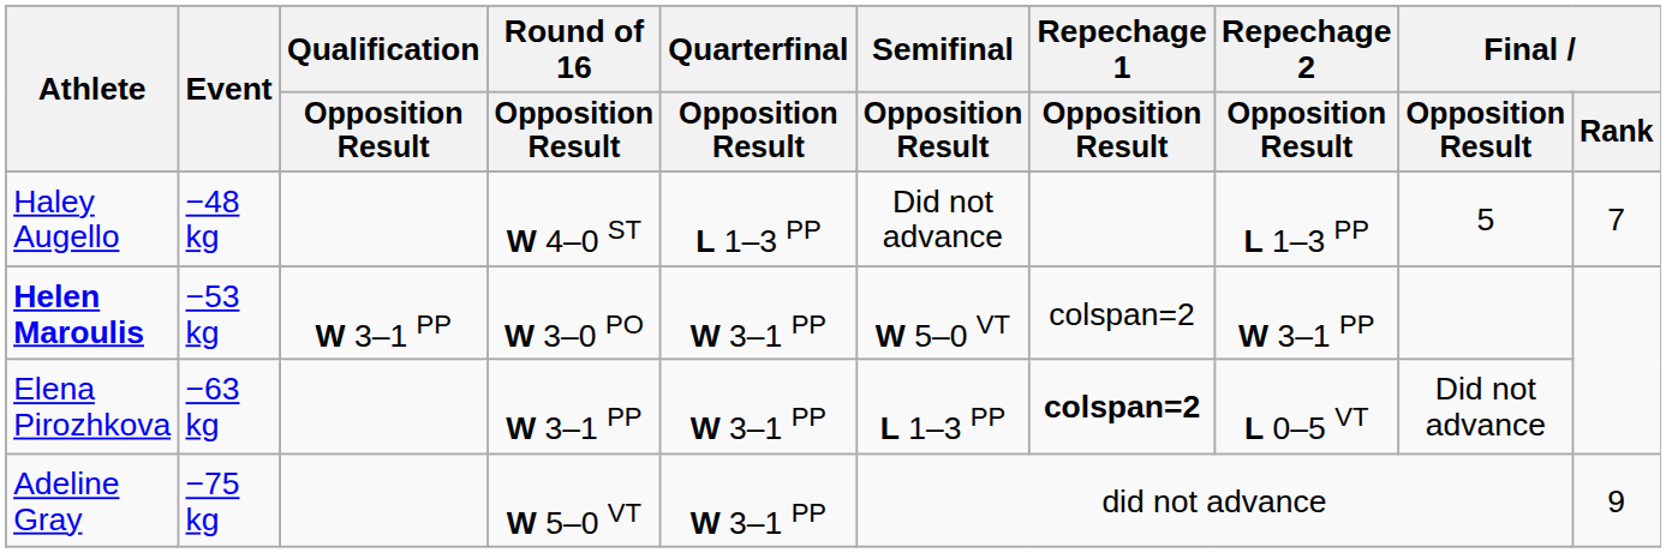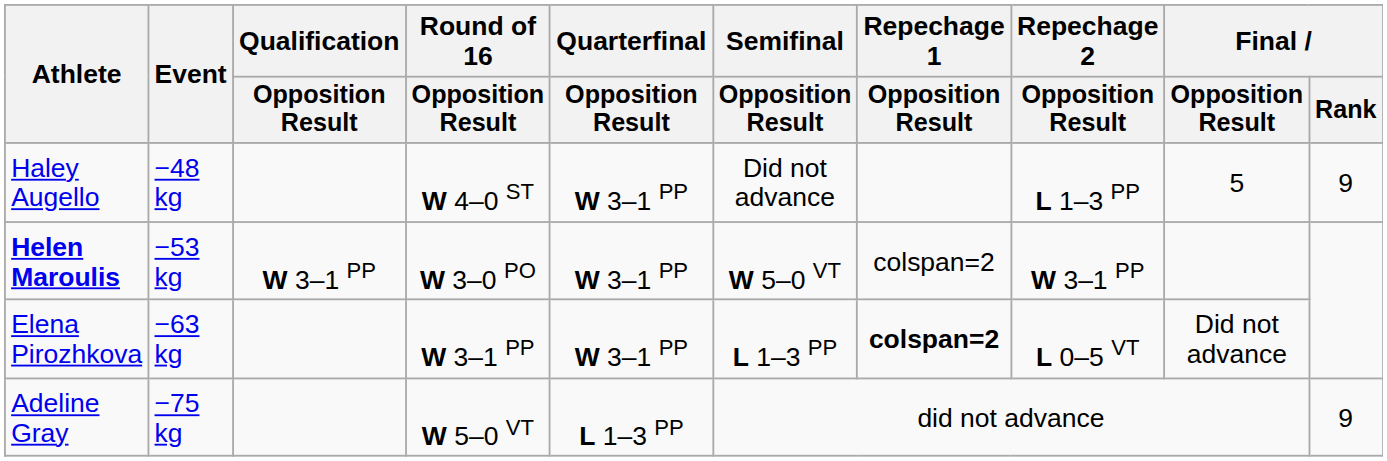 <table class=wikitable style=font-size:90%;text-align:center>
 <tr>
 <th rowspan=2>Athlete</th>
 <th rowspan=2>Event</th>
 <th>Qualification</th>
 <th>Round of 16</th>
 <th>Quarterfinal</th>
 <th>Semifinal</th>
 <th>Repechage 1</th>
 <th>Repechage 2</th>
 <th colspan=2>Final / </th>
 </tr>
 <tr style="font-size: 95%">
 <th>Opposition<br>Result</th>
 <th>Opposition<br>Result</th>
 <th>Opposition<br>Result</th>
 <th>Opposition<br>Result</th>
 <th>Opposition<br>Result</th>
 <th>Opposition<br>Result</th>
 <th>Opposition<br>Result</th>
 <th>Rank</th>
 </tr>
 <tr>
 <td align=left><a href='#'>Haley Augello</a></td>
 <td align=left><a href='#'>−48 kg</a></td>
 <td></td>
 <td><br><strong>W</strong> 4–0 <sup>ST</sup></td>
-<td><br><strong>L</strong> 1–3 <sup>PP</sup></td>
+<td><br><strong>W</strong> 3–1 <sup>PP</sup></td>
 <td>Did not advance</td>
 <td></td>
 <td><br><strong>L</strong> 1–3 <sup>PP</sup></td>
 <td>5</td>
-<td>7</td>
+<td>9</td>
 </tr>
 <tr>
 <td align=left><strong><a href='#'>Helen Maroulis</a></strong></td>
 <td align=left><a href='#'>−53 kg</a></td>
 <td><br><strong>W</strong> 3–1 <sup>PP</sup></td>
 <td><br><strong>W</strong> 3–0 <sup>PO</sup></td>
 <td><br><strong>W</strong> 3–1 <sup>PP</sup></td>
 <td><br><strong>W</strong> 5–0 <sup>VT</sup></td>
 <td>colspan=2 </td>
 <td><br><strong>W</strong> 3–1 <sup>PP</sup></td>
 <td></td>
 </tr>
 <tr>
 <td align=left><a href='#'>Elena Pirozhkova</a></td>
 <td align=left><a href='#'>−63 kg</a></td>
 <td></td>
 <td><br><strong>W</strong> 3–1 <sup>PP</sup></td>
 <td><br><strong>W</strong> 3–1 <sup>PP</sup></td>
 <td><br><strong>L</strong> 1–3 <sup>PP</sup></td>
 <td><strong>colspan=2 </strong></td>
 <td><br><strong>L</strong> 0–5 <sup>VT</sup></td>
 <td>Did not advance</td>
 </tr>
 <tr>
 <td align=left><a href='#'>Adeline Gray</a></td>
 <td align=left><a href='#'>−75 kg</a></td>
 <td></td>
 <td><br><strong>W</strong> 5–0 <sup>VT</sup></td>
-<td><br><strong>W</strong> 3–1 <sup>PP</sup></td>
+<td><br><strong>L</strong> 1–3 <sup>PP</sup></td>
 <td colspan=4>did not advance</td>
 <td>9</td>
 </tr>
 </table>
